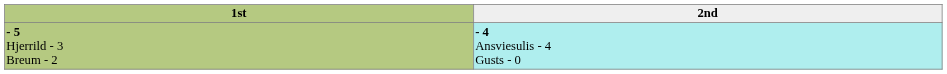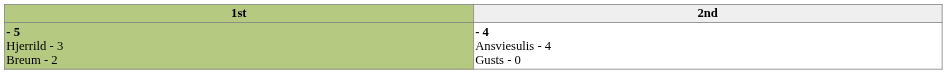 <table border="1" cellpadding="2" cellspacing="0"  style="width:75%; border-collapse:collapse;">
 <tr style="text-align:left; background:#efefef;">
 <th width=15% align=center style="background-color: #b5c981;">1st</th>
 <th width=15% align=center >2nd</th>
 </tr>
 <tr align=left>
 <td valign=top align=left style="background-color: #b5c981;"><strong> - 5</strong><br> Hjerrild - 3<br>Breum - 2</td>
-<td valign=top align=left  style="background: paleturquoise;"><strong> - 4</strong><br>Ansviesulis - 4<br>Gusts - 0</td>
+<td valign=top align=left ><strong> - 4</strong><br>Ansviesulis - 4<br>Gusts - 0</td>
 </tr>
 </table>
